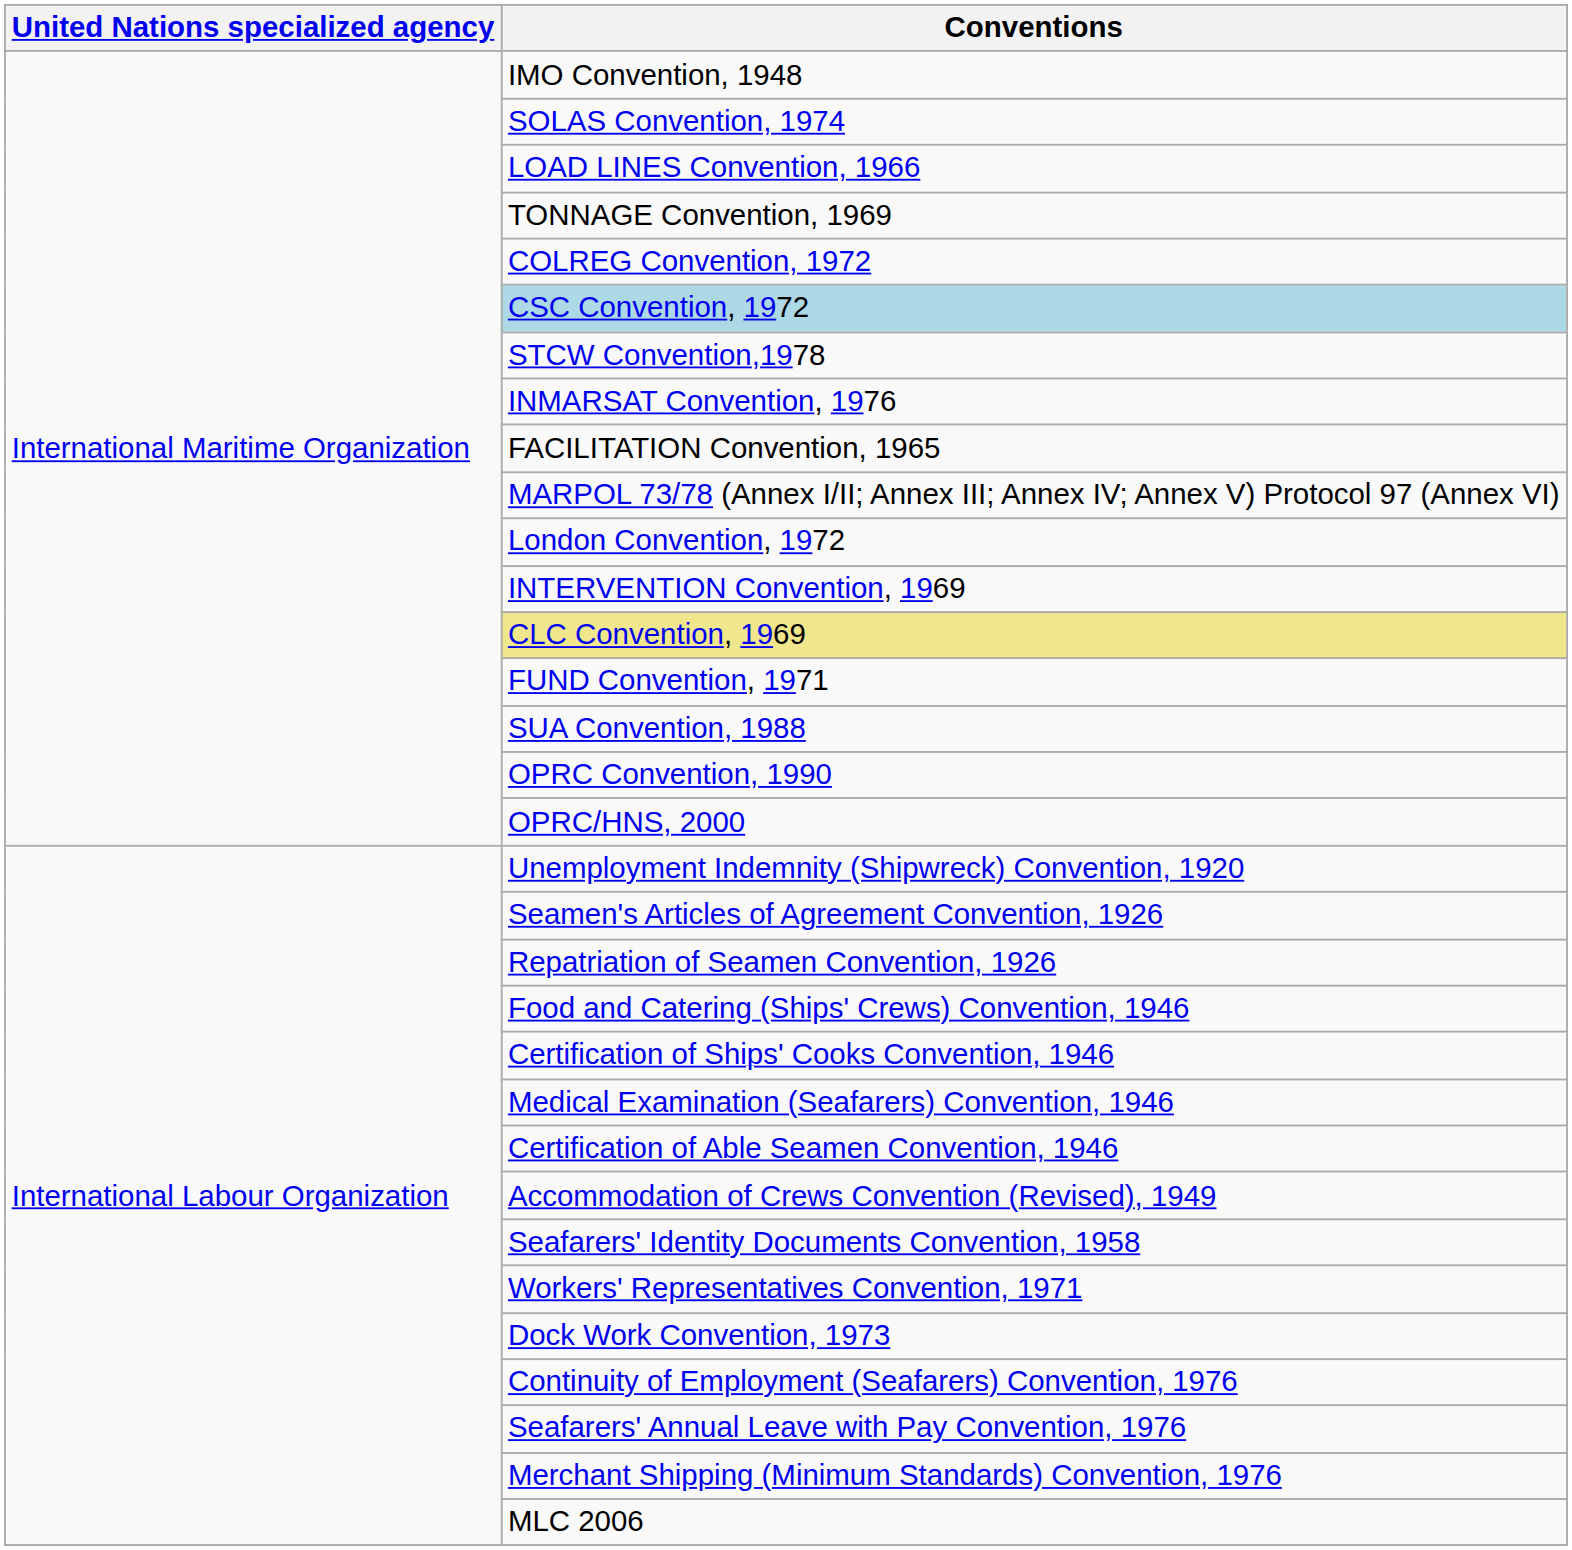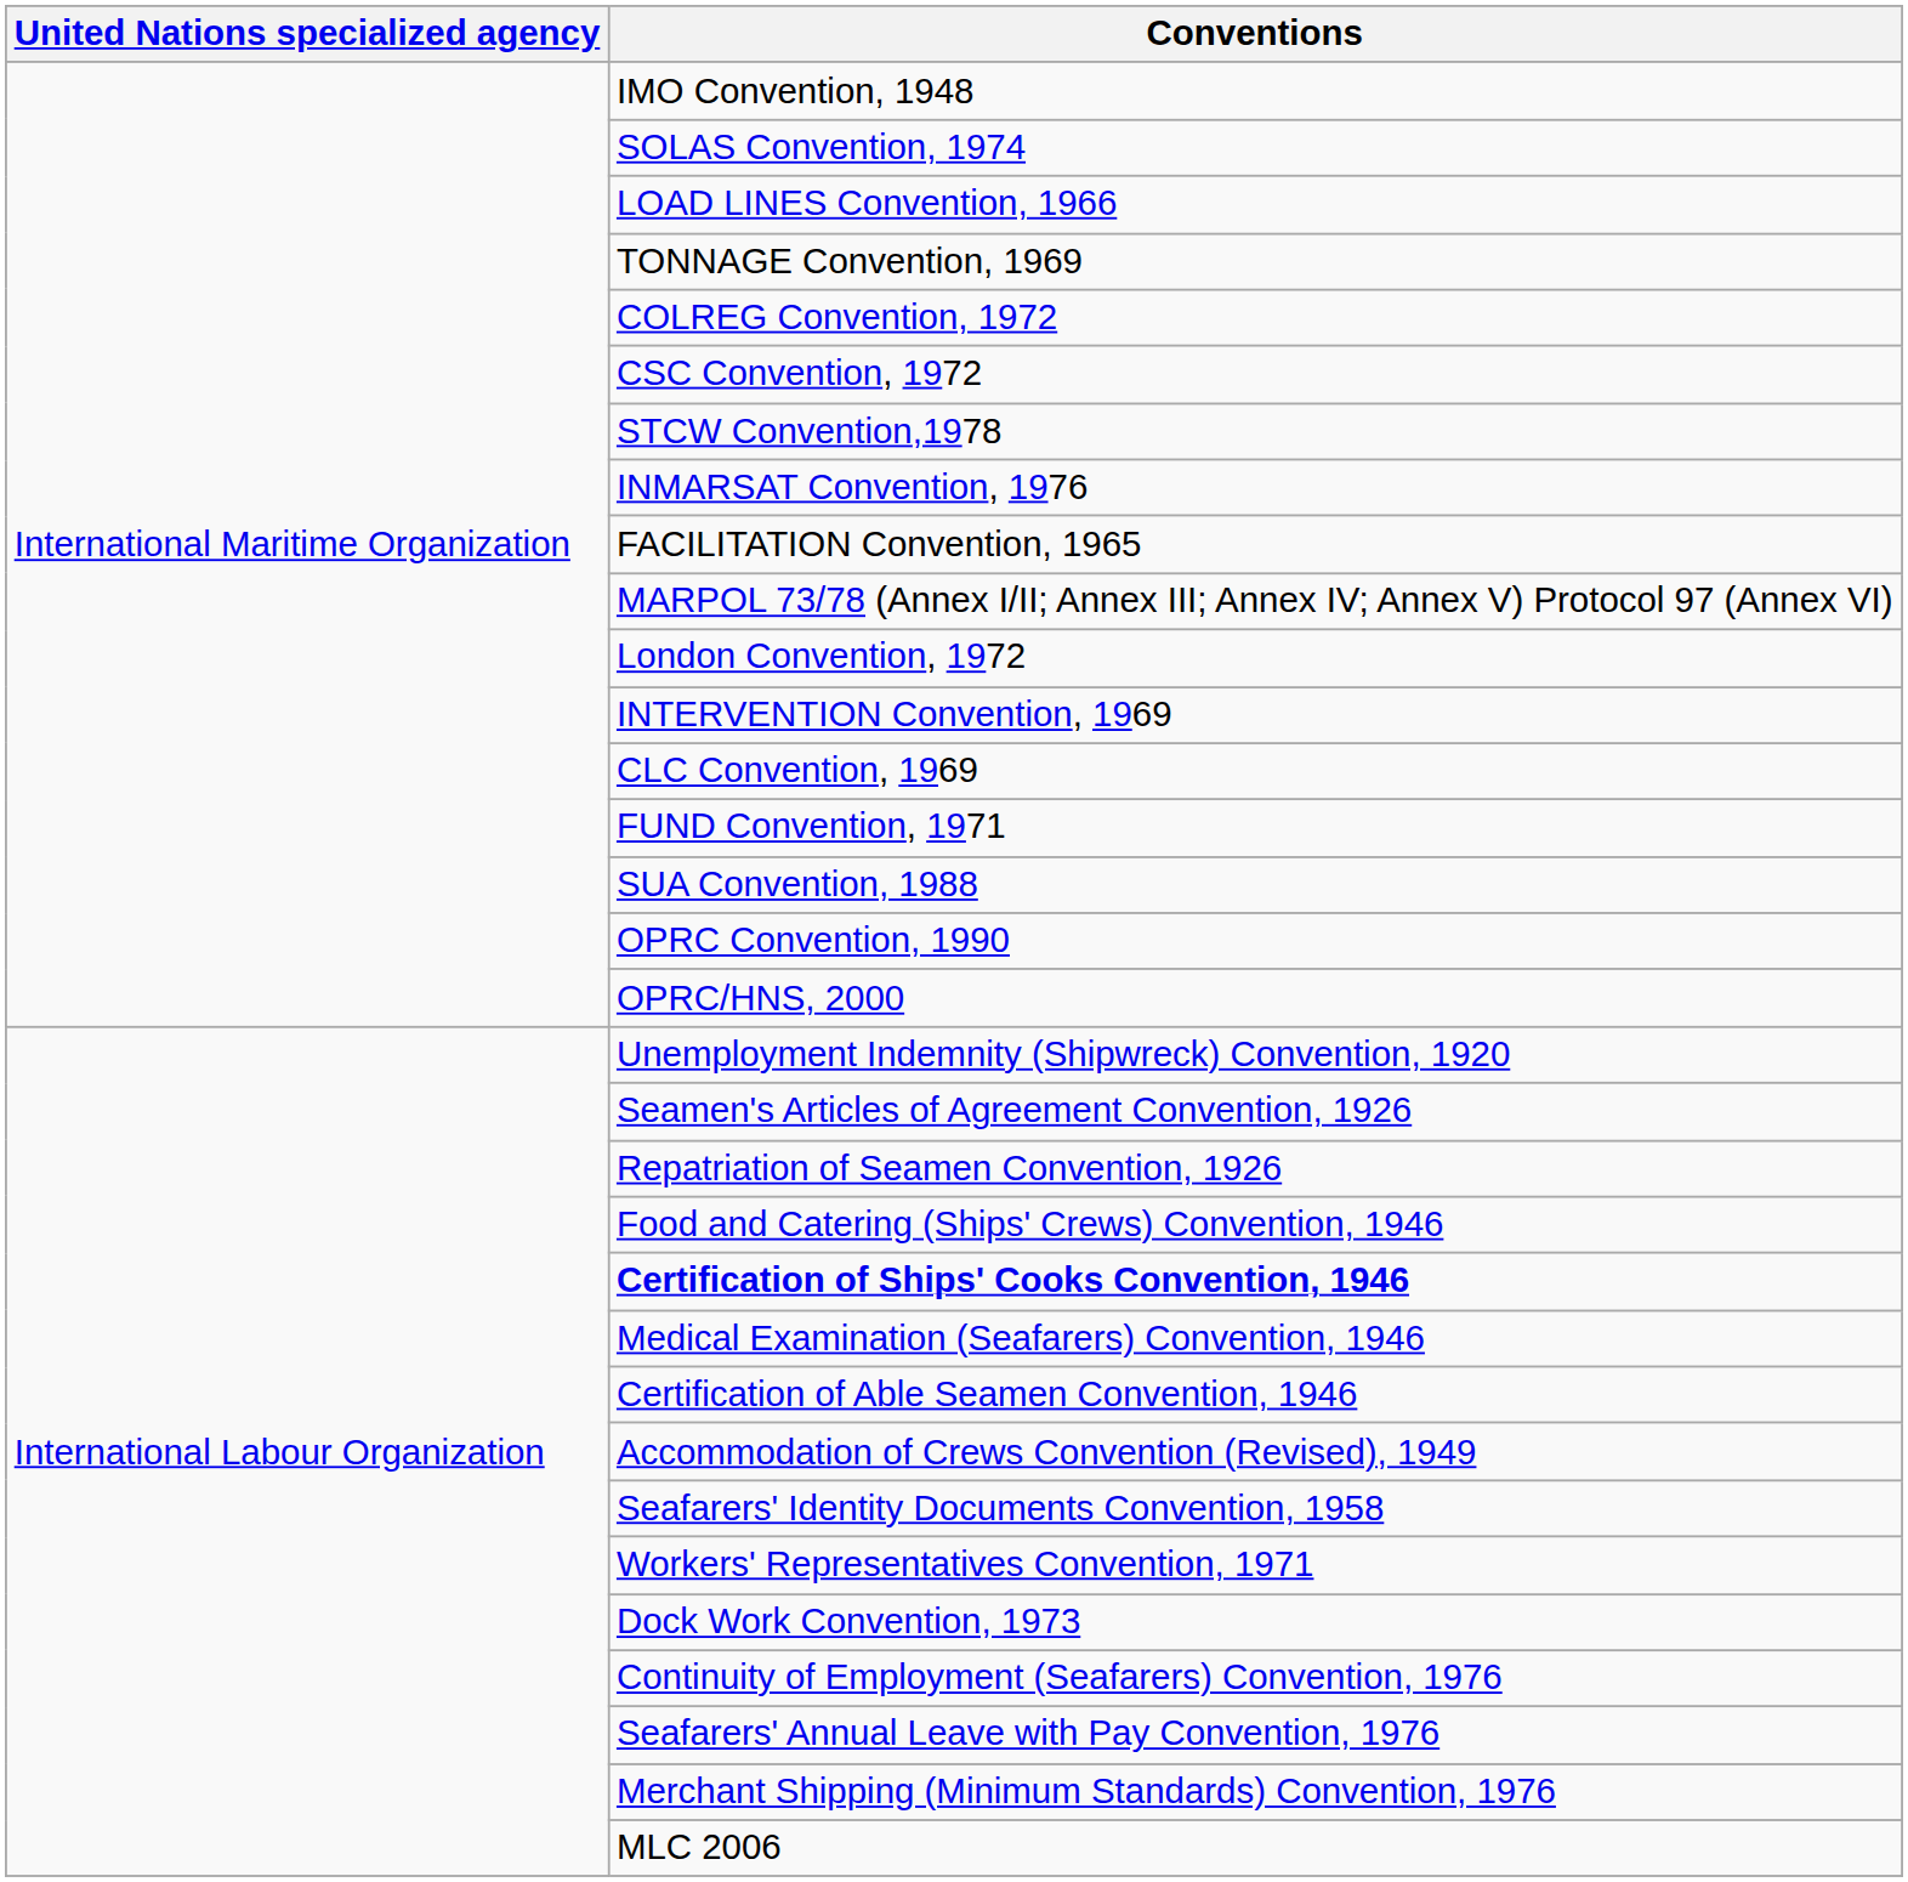 <table class="wikitable">
 <tr>
 <th> <a href='#'>United Nations specialized agency</a></th>
 <th>Conventions</th>
 </tr>
 <tr>
 <td rowspan="17"><a href='#'>International Maritime Organization</a></td>
 <td>IMO Convention, 1948</td>
 </tr>
 <tr>
 <td><a href='#'>SOLAS Convention, 1974</a></td>
 </tr>
 <tr>
 <td><a href='#'>LOAD LINES Convention, 1966</a></td>
 </tr>
 <tr>
 <td>TONNAGE Convention, 1969</td>
 </tr>
 <tr>
 <td><a href='#'>COLREG Convention, 1972</a></td>
 </tr>
 <tr>
-<td style="background: lightblue;"><a href='#'>CSC Convention</a>, <a href='#'>19</a>72</td>
+<td><a href='#'>CSC Convention</a>, <a href='#'>19</a>72</td>
 </tr>
 <tr>
 <td><a href='#'>STCW Convention</a><a href='#'>,19</a>78</td>
 </tr>
 <tr>
 <td><a href='#'>INMARSAT Convention</a>, <a href='#'>19</a>76</td>
 </tr>
 <tr>
 <td>FACILITATION Convention, 1965</td>
 </tr>
 <tr>
 <td><a href='#'>MARPOL 73/78</a> (Annex I/II; Annex III; Annex IV; Annex V) Protocol 97 (Annex VI)</td>
 </tr>
 <tr>
 <td><a href='#'>London Convention</a>, <a href='#'>19</a>72</td>
 </tr>
 <tr>
 <td><a href='#'>INTERVENTION Convention</a>, <a href='#'>19</a>69</td>
 </tr>
 <tr>
-<td style="background: khaki;"><a href='#'>CLC Convention</a>, <a href='#'>19</a>69</td>
+<td><a href='#'>CLC Convention</a>, <a href='#'>19</a>69</td>
 </tr>
 <tr>
 <td><a href='#'>FUND Convention</a>, <a href='#'>19</a>71</td>
 </tr>
 <tr>
 <td><a href='#'>SUA Convention, 1988</a></td>
 </tr>
 <tr>
 <td><a href='#'>OPRC Convention, 1990</a></td>
 </tr>
 <tr>
 <td><a href='#'>OPRC/HNS, 2000</a></td>
 </tr>
 <tr>
 <td rowspan="15"><a href='#'>International Labour Organization</a></td>
 <td><a href='#'>Unemployment Indemnity (Shipwreck) Convention, 1920</a></td>
 </tr>
 <tr>
 <td><a href='#'>Seamen's Articles of Agreement Convention, 1926</a></td>
 </tr>
 <tr>
 <td><a href='#'>Repatriation of Seamen Convention, 1926</a></td>
 </tr>
 <tr>
 <td><a href='#'>Food and Catering (Ships' Crews) Convention, 1946</a></td>
 </tr>
 <tr>
-<td><a href='#'>Certification of Ships' Cooks Convention, 1946</a></td>
+<td><strong><a href='#'>Certification of Ships' Cooks Convention, 1946</a></strong></td>
 </tr>
 <tr>
 <td><a href='#'>Medical Examination (Seafarers) Convention, 1946</a></td>
 </tr>
 <tr>
 <td><a href='#'>Certification of Able Seamen Convention, 1946</a></td>
 </tr>
 <tr>
 <td><a href='#'>Accommodation of Crews Convention (Revised), 1949</a></td>
 </tr>
 <tr>
 <td><a href='#'>Seafarers' Identity Documents Convention, 1958</a></td>
 </tr>
 <tr>
 <td><a href='#'>Workers' Representatives Convention, 1971</a></td>
 </tr>
 <tr>
 <td><a href='#'>Dock Work Convention, 1973</a></td>
 </tr>
 <tr>
 <td><a href='#'>Continuity of Employment (Seafarers) Convention, 1976</a></td>
 </tr>
 <tr>
 <td><a href='#'>Seafarers' Annual Leave with Pay Convention, 1976</a></td>
 </tr>
 <tr>
 <td><a href='#'>Merchant Shipping (Minimum Standards) Convention, 1976</a></td>
 </tr>
 <tr>
 <td>MLC 2006</td>
 </tr>
 </table>
